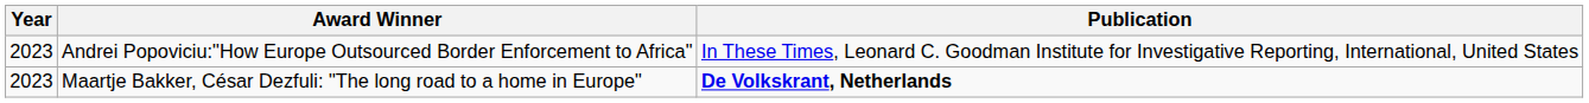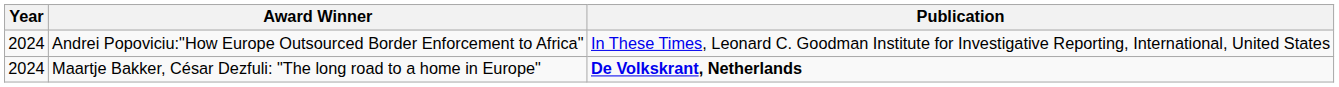 <table class="wikitable sortable">
 <tr>
 <th>Year</th>
 <th>Award Winner</th>
 <th>Publication</th>
 </tr>
 <tr>
-<td>2023</td>
+<td>2024</td>
 <td>Andrei Popoviciu:"How Europe Outsourced Border Enforcement to Africa"</td>
 <td><a href='#'>In These Times</a>, Leonard C. Goodman Institute for Investigative Reporting, International, United States</td>
 </tr>
 <tr>
-<td>2023</td>
+<td>2024</td>
 <td>Maartje Bakker, César Dezfuli: "The long road to a home in Europe"</td>
 <td><strong><a href='#'>De Volkskrant</a>, Netherlands</strong></td>
 </tr>
 </table>
